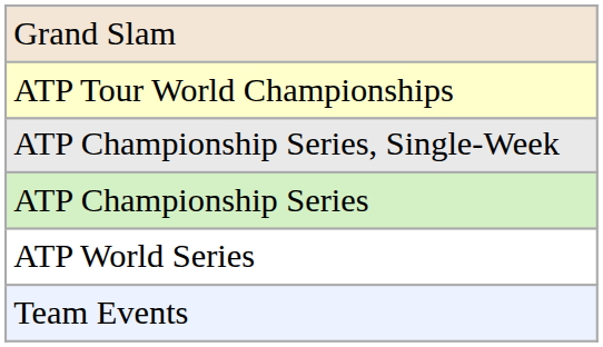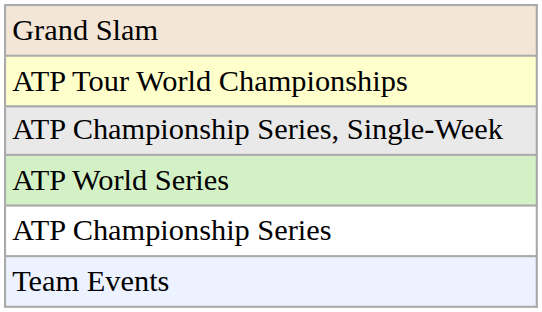 <table class="wikitable"  style="font-size:90%; width:16%;">
 <tr style="background:#F3E6D7;">
 <td>Grand Slam</td>
 </tr>
 <tr style="background:#FFFFCC;">
 <td>ATP Tour World Championships</td>
 </tr>
 <tr style="background:#E9E9E9;">
 <td>ATP Championship Series, Single-Week</td>
 </tr>
 <tr style="background:#D4F1C5;">
-<td>ATP Championship Series</td>
+<td>ATP World Series</td>
 </tr>
 <tr style="background:#FFF;">
-<td>ATP World Series</td>
+<td>ATP Championship Series</td>
 </tr>
 <tr style="background:#ECF2FF;">
 <td>Team Events</td>
 </tr>
 </table>
